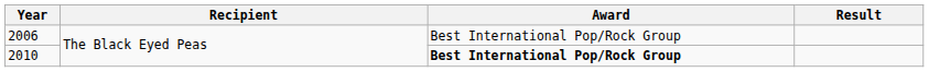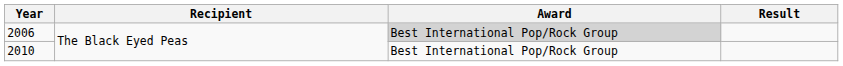 <table style="width: 75%;" class="wikitable">
 <tr>
 <th style="width:6%;"><strong>Year</strong></th>
 <th style="width:40%;"><strong>Recipient</strong></th>
 <th style="width:40%;"><strong>Award</strong></th>
 <th style="width:14%;"><strong>Result</strong></th>
 </tr>
 <tr>
 <td>2006</td>
 <td rowspan=2>The Black Eyed Peas</td>
-<td>Best International Pop/Rock Group</td>
+<td style="background: lightgrey;">Best International Pop/Rock Group</td>
 <td></td>
 </tr>
 <tr>
 <td>2010</td>
-<td><strong>Best International Pop/Rock Group</strong></td>
+<td>Best International Pop/Rock Group</td>
 <td></td>
 </tr>
 </table>
